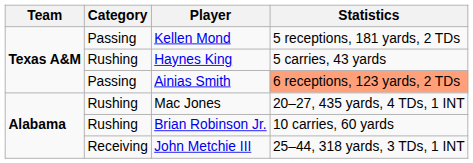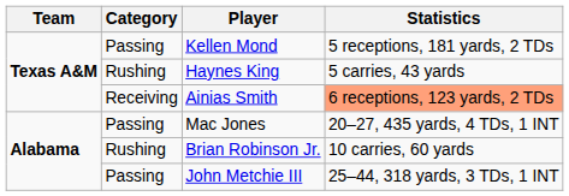 <table class="wikitable" style="float: right;">
 <tr>
 <th>Team</th>
 <th>Category</th>
 <th>Player</th>
 <th>Statistics</th>
 </tr>
 <tr>
 <td rowspan=3><strong>Texas A&M</strong></td>
 <td>Passing</td>
 <td><a href='#'>Kellen Mond</a></td>
 <td>5 receptions, 181 yards, 2 TDs</td>
 </tr>
 <tr>
 <td>Rushing</td>
 <td><a href='#'>Haynes King</a></td>
 <td>5 carries, 43 yards</td>
 </tr>
 <tr>
-<td>Passing</td>
+<td>Receiving</td>
 <td><a href='#'>Ainias Smith</a></td>
 <td style="background: lightsalmon;">6 receptions, 123 yards, 2 TDs</td>
 </tr>
 <tr>
 <td rowspan=3><strong>Alabama</strong></td>
-<td>Rushing</td>
+<td>Passing</td>
 <td>Mac Jones</td>
 <td>20–27, 435 yards, 4 TDs, 1 INT</td>
 </tr>
 <tr>
 <td>Rushing</td>
 <td><a href='#'>Brian Robinson Jr.</a></td>
 <td>10 carries, 60 yards</td>
 </tr>
 <tr>
-<td>Receiving</td>
+<td>Passing</td>
 <td><a href='#'>John Metchie III</a></td>
 <td>25–44, 318 yards, 3 TDs, 1 INT</td>
 </tr>
 </table>
